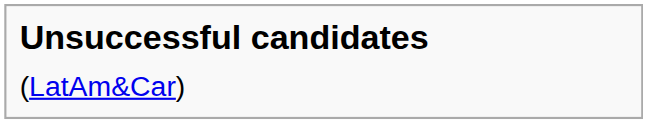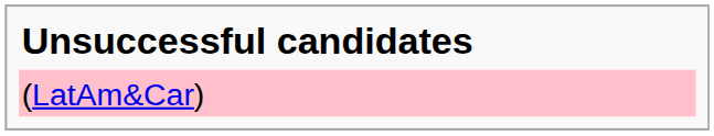 <table class="infobox" width="300px">
 <tr>
 <td><strong>Unsuccessful candidates</strong></td>
 </tr>
 <tr>
-<td> <small>(<a href='#'>LatAm&Car</a>)</small></td>
+<td style="background: pink;"> <small>(<a href='#'>LatAm&Car</a>)</small></td>
 </tr>
 </table>
